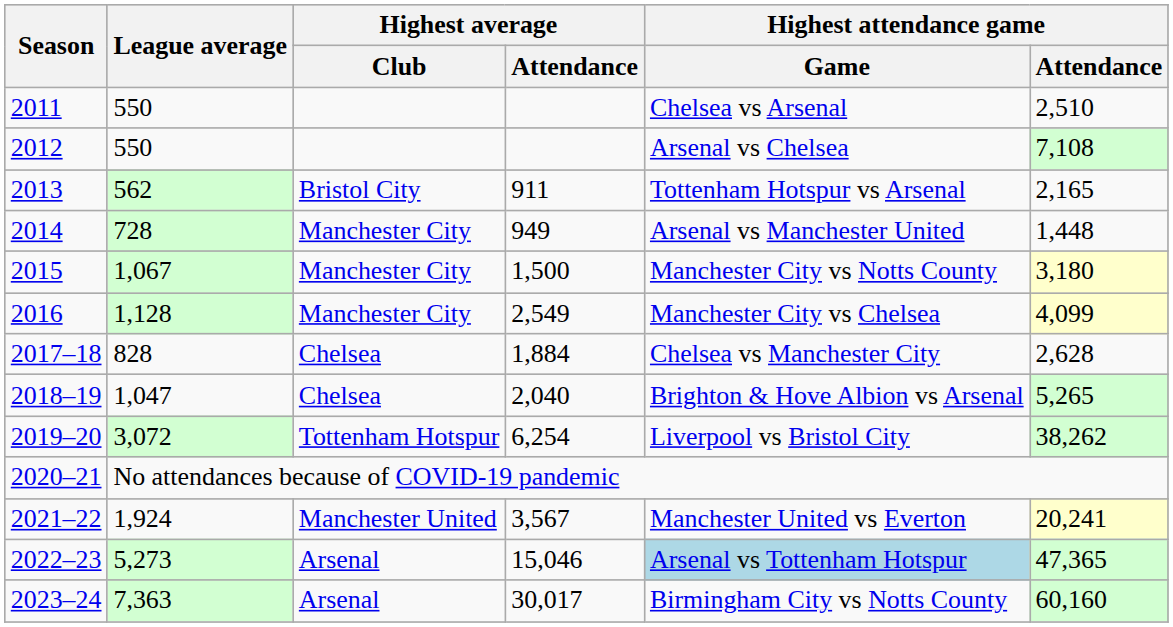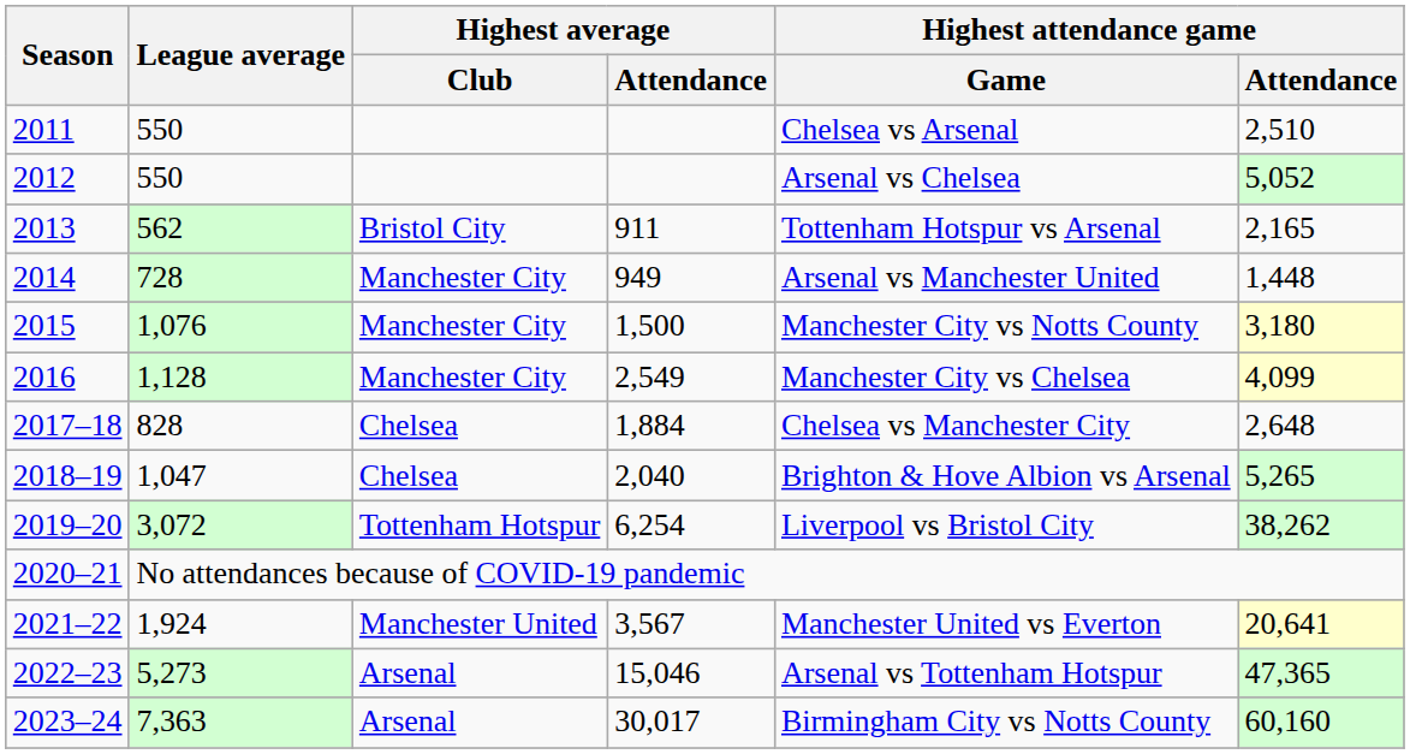 <table class="wikitable sortable">
 <tr>
 <th rowspan="2">Season</th>
 <th rowspan="2">League average</th>
 <th colspan="2">Highest average</th>
 <th colspan=2>Highest attendance game</th>
 </tr>
 <tr>
 <th>Club</th>
 <th>Attendance</th>
 <th>Game</th>
 <th>Attendance</th>
 </tr>
 <tr>
 <td><a href='#'>2011</a></td>
 <td>550</td>
 <td></td>
 <td></td>
 <td><a href='#'>Chelsea</a> vs <a href='#'>Arsenal</a></td>
 <td>2,510</td>
 </tr>
 <tr>
 <td><a href='#'>2012</a></td>
 <td>550</td>
 <td></td>
 <td></td>
 <td><a href='#'>Arsenal</a> vs <a href='#'>Chelsea</a></td>
-<td style="background:#D2FFD2;">7,108</td>
+<td style="background:#D2FFD2;">5,052</td>
 </tr>
 <tr>
 <td><a href='#'>2013</a></td>
 <td style="background:#D2FFD2;">562</td>
 <td><a href='#'>Bristol City</a></td>
 <td>911</td>
 <td><a href='#'>Tottenham Hotspur</a> vs <a href='#'>Arsenal</a></td>
 <td>2,165</td>
 </tr>
 <tr>
 <td><a href='#'>2014</a></td>
 <td style="background:#D2FFD2;">728</td>
 <td><a href='#'>Manchester City</a></td>
 <td>949</td>
 <td><a href='#'>Arsenal</a> vs <a href='#'>Manchester United</a></td>
 <td>1,448</td>
 </tr>
 <tr>
 <td><a href='#'>2015</a></td>
-<td style="background:#D2FFD2;">1,067</td>
+<td style="background:#D2FFD2;">1,076</td>
 <td><a href='#'>Manchester City</a></td>
 <td>1,500</td>
 <td><a href='#'>Manchester City</a> vs <a href='#'>Notts County</a></td>
 <td style="background:#FFFFCC;">3,180</td>
 </tr>
 <tr>
 <td><a href='#'>2016</a></td>
 <td style="background:#D2FFD2;">1,128</td>
 <td><a href='#'>Manchester City</a></td>
 <td>2,549</td>
 <td><a href='#'>Manchester City</a> vs <a href='#'>Chelsea</a></td>
 <td style="background:#FFFFCC;">4,099</td>
 </tr>
 <tr>
 <td><a href='#'>2017–18</a></td>
 <td>828</td>
 <td><a href='#'>Chelsea</a></td>
 <td>1,884</td>
 <td><a href='#'>Chelsea</a> vs <a href='#'>Manchester City</a></td>
-<td>2,628</td>
+<td>2,648</td>
 </tr>
 <tr>
 <td><a href='#'>2018–19</a></td>
 <td>1,047</td>
 <td><a href='#'>Chelsea</a></td>
 <td>2,040</td>
 <td><a href='#'>Brighton & Hove Albion</a> vs <a href='#'>Arsenal</a></td>
 <td style="background:#D2FFD2;">5,265</td>
 </tr>
 <tr>
 <td><a href='#'>2019–20</a></td>
 <td style="background:#D2FFD2;">3,072</td>
 <td><a href='#'>Tottenham Hotspur</a></td>
 <td>6,254</td>
 <td><a href='#'>Liverpool</a> vs <a href='#'>Bristol City</a></td>
 <td style="background:#D2FFD2;">38,262</td>
 </tr>
 <tr>
 <td><a href='#'>2020–21</a></td>
 <td colspan=5>No attendances because of <a href='#'>COVID-19 pandemic</a></td>
 </tr>
 <tr>
 <td><a href='#'>2021–22</a></td>
 <td>1,924</td>
 <td><a href='#'>Manchester United</a></td>
 <td>3,567</td>
 <td><a href='#'>Manchester United</a> vs <a href='#'>Everton</a></td>
-<td style="background:#FFFFCC;">20,241</td>
+<td style="background:#FFFFCC;">20,641</td>
 </tr>
 <tr>
 <td><a href='#'>2022–23</a></td>
 <td style="background:#D2FFD2;">5,273</td>
 <td><a href='#'>Arsenal</a></td>
 <td>15,046</td>
-<td style="background: lightblue;"><a href='#'>Arsenal</a> vs <a href='#'>Tottenham Hotspur</a></td>
+<td><a href='#'>Arsenal</a> vs <a href='#'>Tottenham Hotspur</a></td>
 <td style="background:#D2FFD2;">47,365</td>
 </tr>
 <tr>
 <td><a href='#'>2023–24</a></td>
 <td style="background:#D2FFD2;">7,363</td>
 <td><a href='#'>Arsenal</a></td>
 <td>30,017</td>
 <td><a href='#'>Birmingham City</a> vs <a href='#'>Notts County</a></td>
 <td style="background:#D2FFD2;">60,160</td>
 </tr>
 </table>
